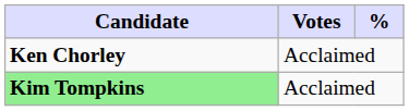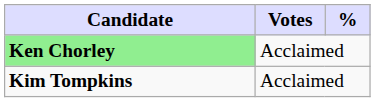 <table class="wikitable">
 <tr>
 <th style="background:#ddf; width:200px;">Candidate</th>
 <th style="background:#ddf; width:50px;">Votes</th>
 <th style="background:#ddf; width:30px;">%</th>
 </tr>
 <tr>
-<td><strong>Ken Chorley</strong></td>
+<td style="background: lightgreen;"><strong>Ken Chorley</strong></td>
 <td colspan="2">Acclaimed</td>
 </tr>
 <tr>
-<td style="background: lightgreen;"><strong>Kim Tompkins</strong></td>
+<td><strong>Kim Tompkins</strong></td>
 <td colspan="2">Acclaimed</td>
 </tr>
 </table>
